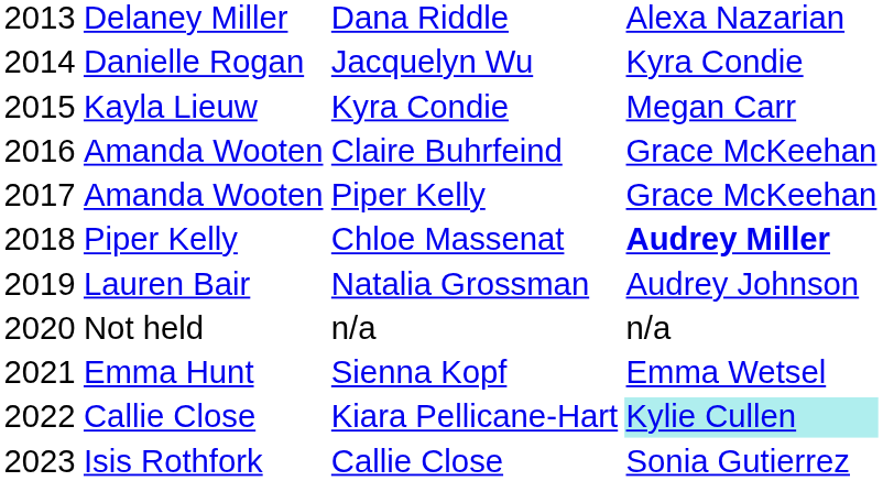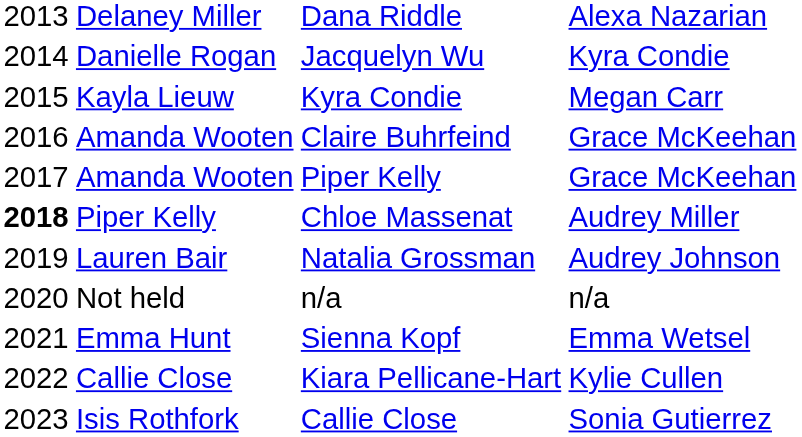 <table>
 <tr>
 <td style="text-align:center;">2013</td>
 <td><a href='#'>Delaney Miller</a></td>
 <td><a href='#'>Dana Riddle</a></td>
 <td><a href='#'>Alexa Nazarian</a></td>
 </tr>
 <tr>
 <td style="text-align:center;">2014</td>
 <td><a href='#'>Danielle Rogan</a></td>
 <td><a href='#'>Jacquelyn Wu</a></td>
 <td><a href='#'>Kyra Condie</a></td>
 </tr>
 <tr>
 <td style="text-align:center;">2015</td>
 <td><a href='#'>Kayla Lieuw</a></td>
 <td><a href='#'>Kyra Condie</a></td>
 <td><a href='#'>Megan Carr</a></td>
 </tr>
 <tr>
 <td style="text-align:center;">2016</td>
 <td><a href='#'>Amanda Wooten</a></td>
 <td><a href='#'>Claire Buhrfeind</a></td>
 <td><a href='#'>Grace McKeehan</a></td>
 </tr>
 <tr>
 <td style="text-align:center;">2017</td>
 <td><a href='#'>Amanda Wooten</a></td>
 <td><a href='#'>Piper Kelly</a></td>
 <td><a href='#'>Grace McKeehan</a></td>
 </tr>
 <tr>
-<td style="text-align:center;">2018</td>
+<td style="text-align:center;"><strong>2018</strong></td>
 <td><a href='#'>Piper Kelly</a></td>
 <td><a href='#'>Chloe Massenat</a></td>
-<td><strong><a href='#'>Audrey Miller</a></strong></td>
+<td><a href='#'>Audrey Miller</a></td>
 </tr>
 <tr>
 <td style="text-align:center;">2019</td>
 <td><a href='#'>Lauren Bair</a></td>
 <td><a href='#'>Natalia Grossman</a></td>
 <td><a href='#'>Audrey Johnson</a></td>
 </tr>
 <tr>
 <td style="text-align:center;">2020</td>
 <td>Not held</td>
 <td>n/a</td>
 <td>n/a</td>
 </tr>
 <tr>
 <td style="text-align:center;">2021</td>
 <td><a href='#'>Emma Hunt</a></td>
 <td><a href='#'>Sienna Kopf</a></td>
 <td><a href='#'>Emma Wetsel</a></td>
 </tr>
 <tr>
 <td style="text-align:center;">2022</td>
 <td><a href='#'>Callie Close</a></td>
 <td><a href='#'>Kiara Pellicane-Hart</a></td>
-<td style="background: paleturquoise;"><a href='#'>Kylie Cullen</a></td>
+<td><a href='#'>Kylie Cullen</a></td>
 </tr>
 <tr>
 <td style="text-align:center;">2023</td>
 <td><a href='#'>Isis Rothfork</a></td>
 <td><a href='#'>Callie Close</a></td>
 <td><a href='#'>Sonia Gutierrez</a></td>
 </tr>
 </table>
